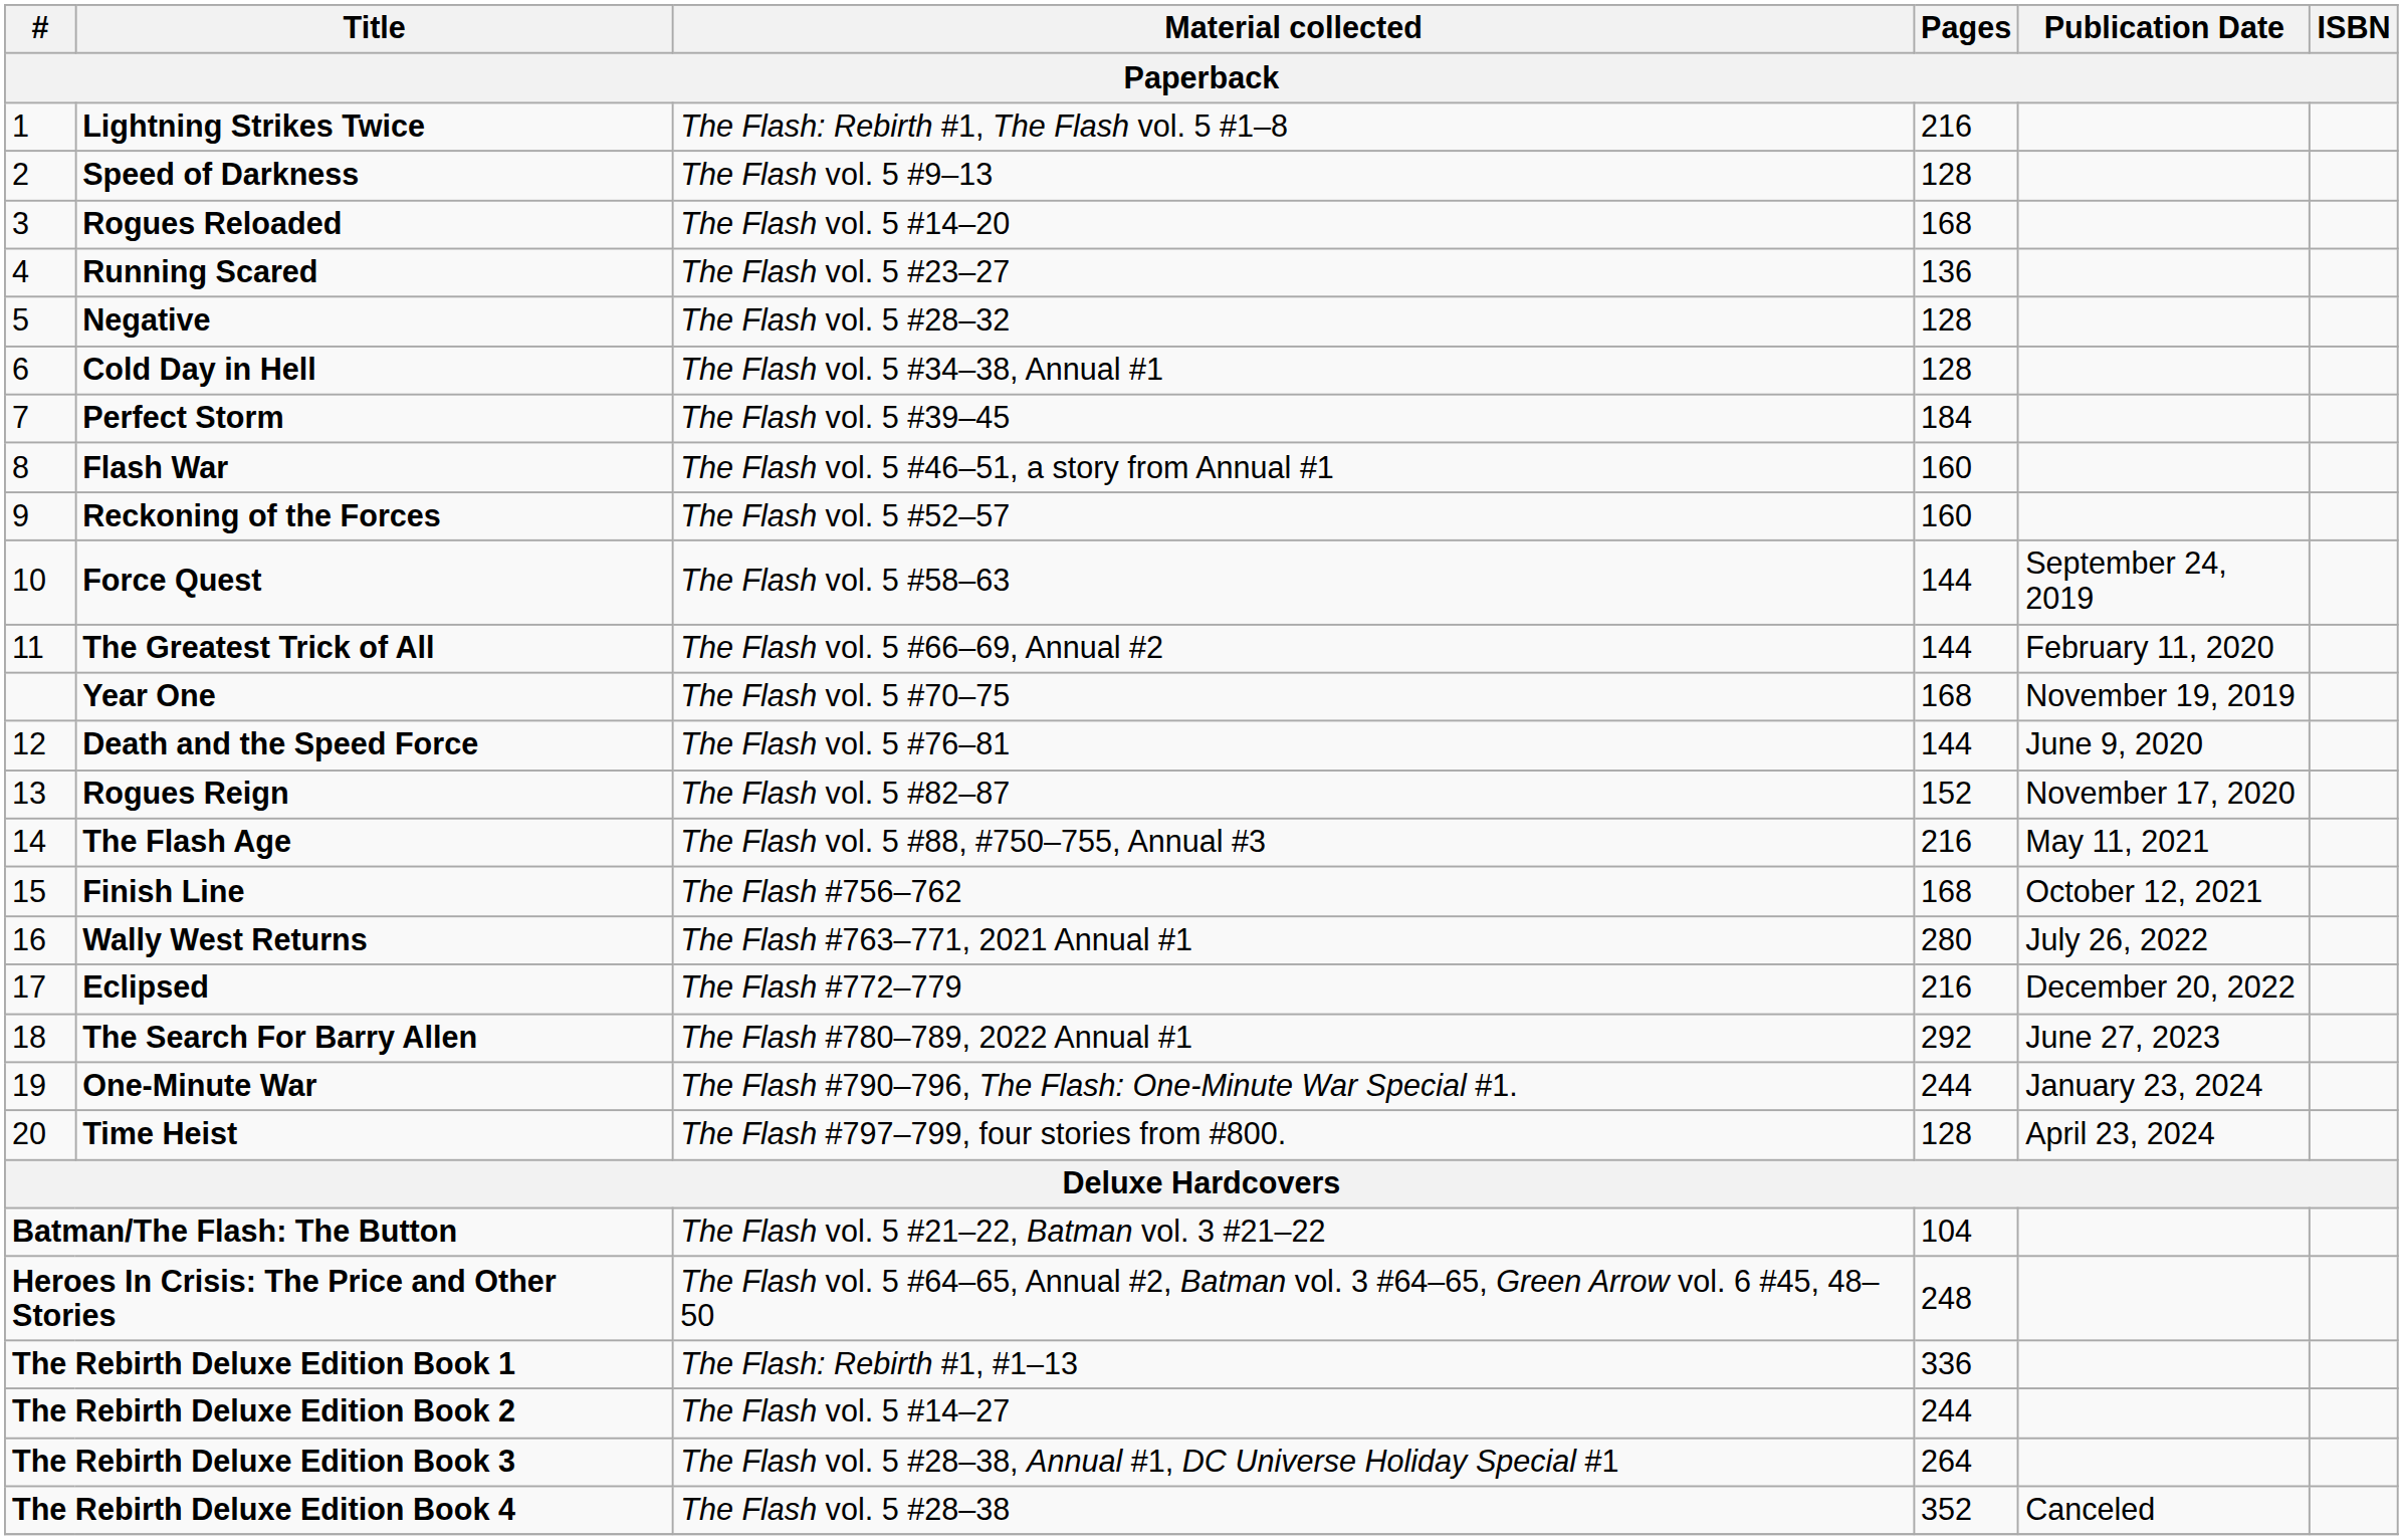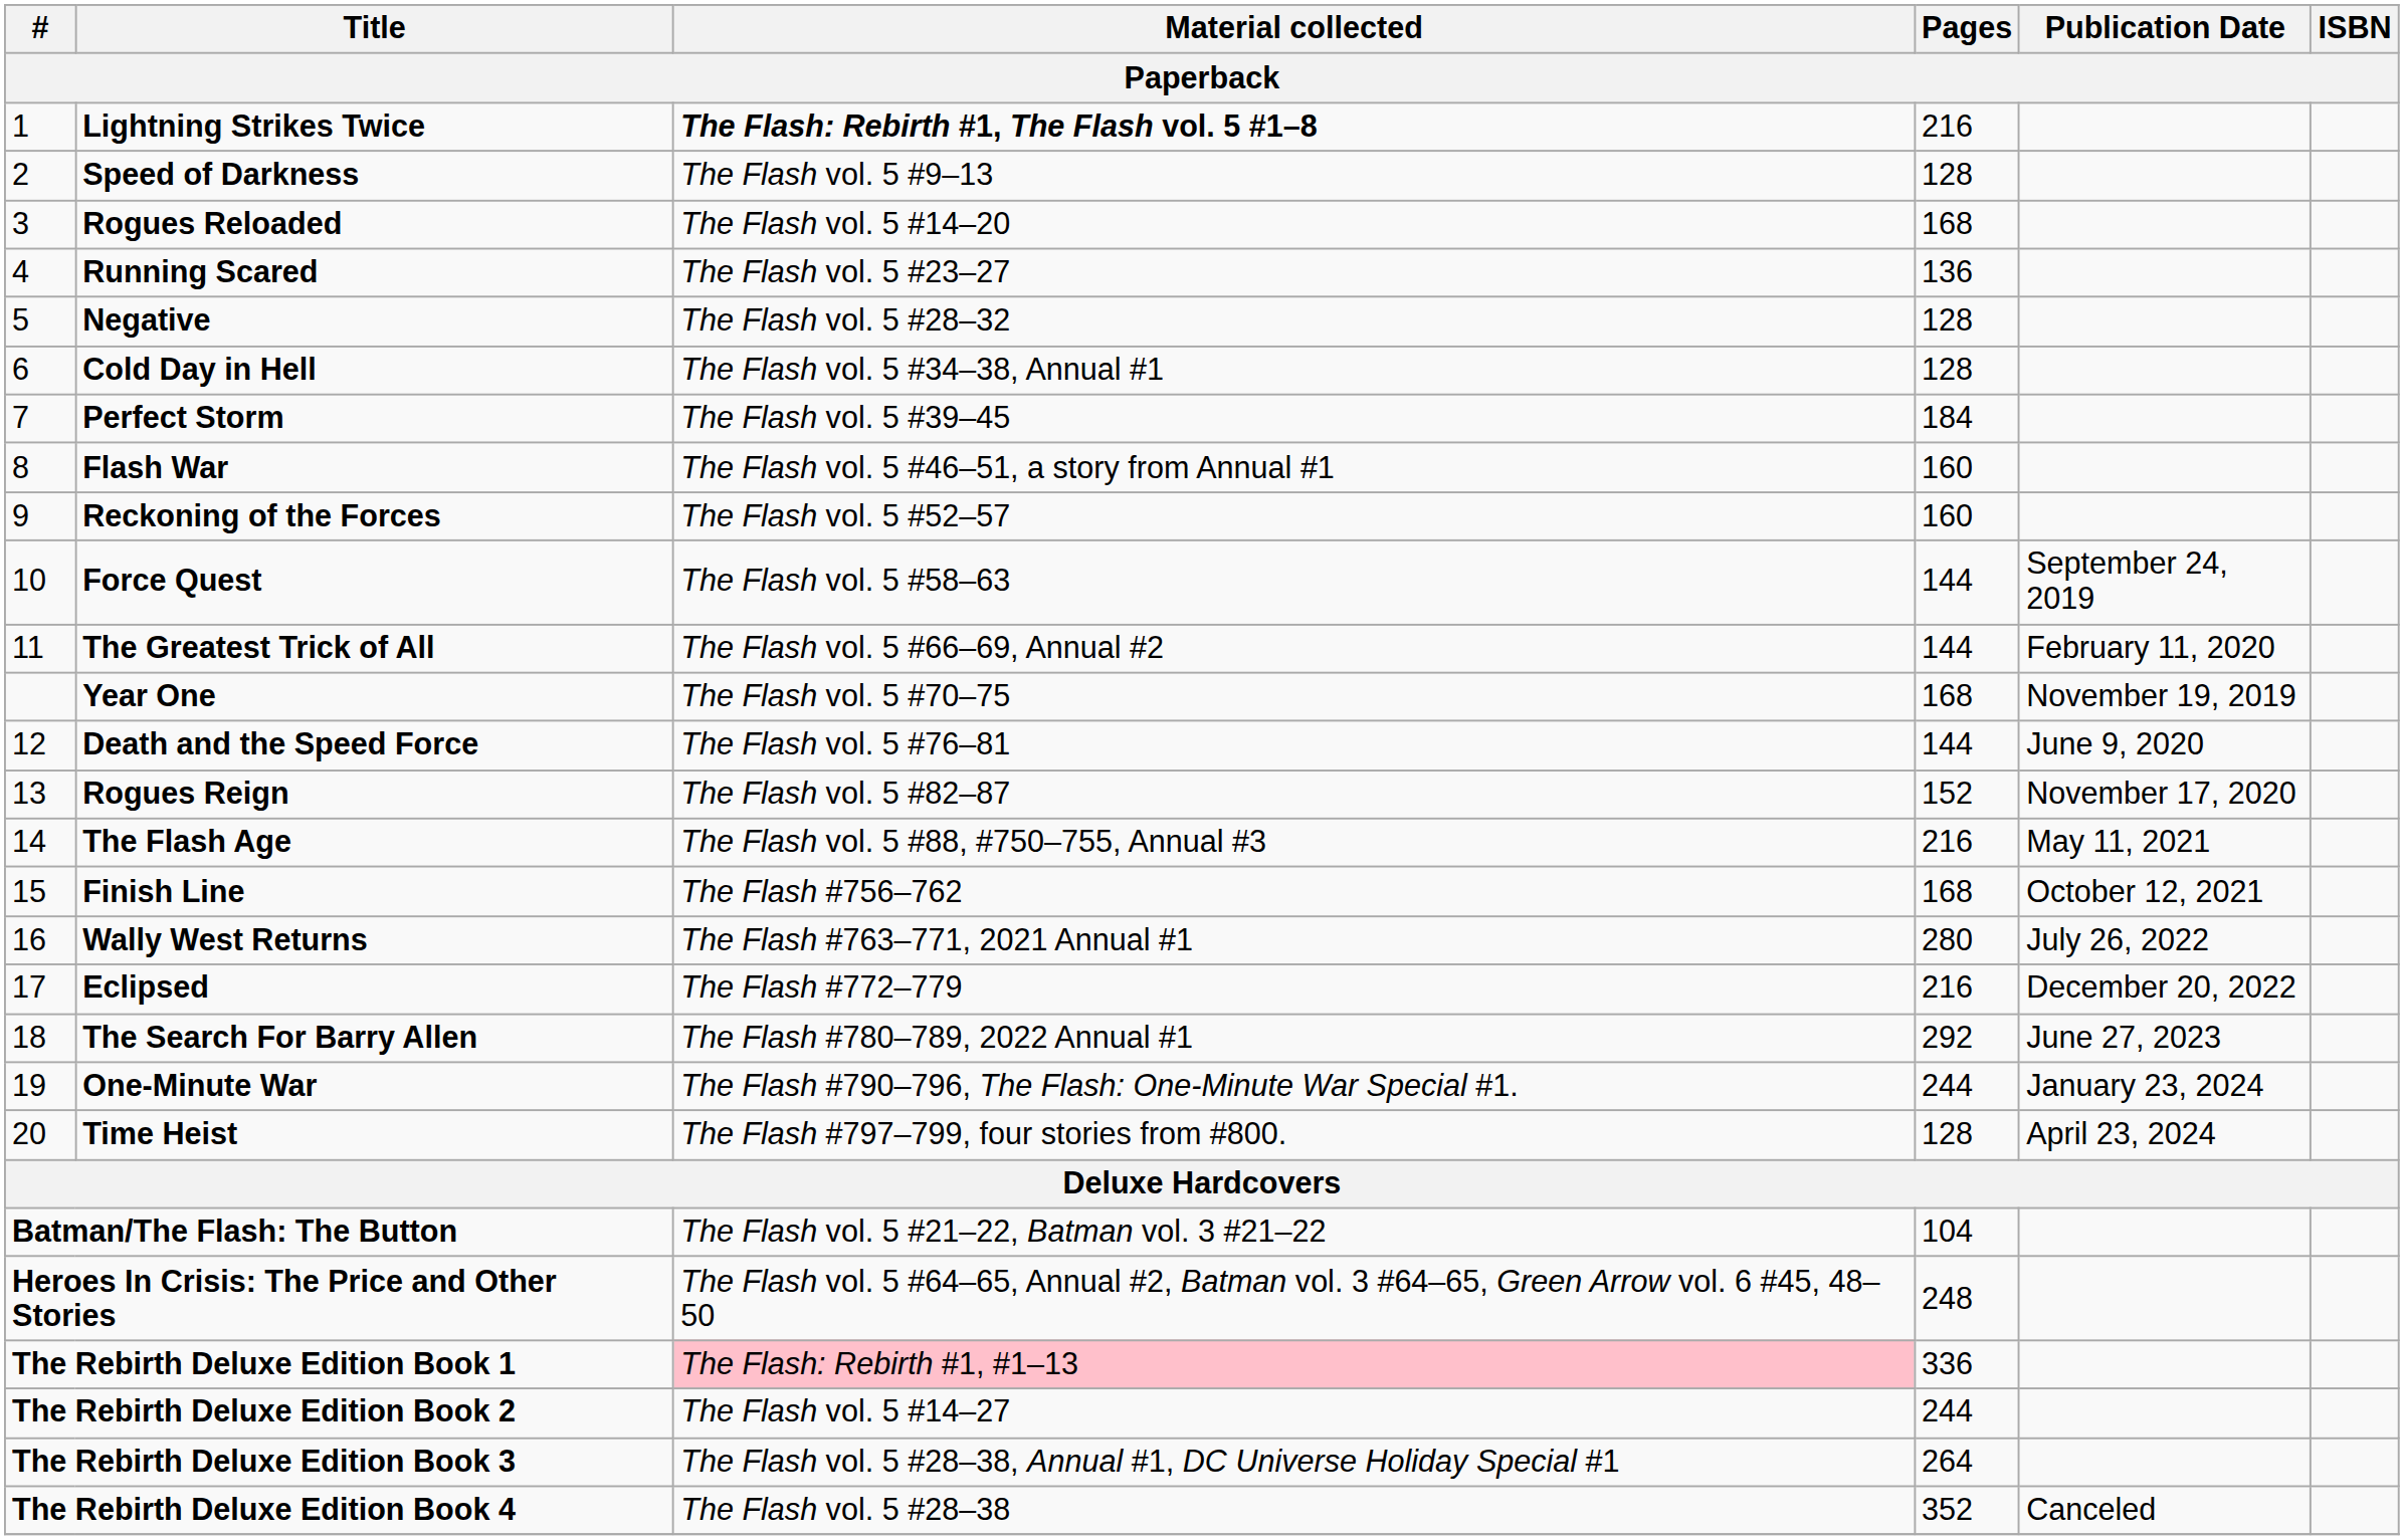 <table class="wikitable sortable">
 <tr>
 <th class="unsortable">#</th>
 <th>Title</th>
 <th>Material collected</th>
 <th class="unsortable">Pages</th>
 <th>Publication Date</th>
 <th class="unsortable">ISBN</th>
 </tr>
 <tr>
 <th colspan="6">Paperback</th>
 </tr>
 <tr>
 <td>1</td>
 <td><strong>Lightning Strikes Twice</strong></td>
-<td><em>The Flash: Rebirth</em> #1, <em>The Flash</em> vol. 5 #1–8</td>
+<td><strong><em>The Flash: Rebirth</em> #1, <em>The Flash</em> vol. 5 #1–8</strong></td>
 <td>216</td>
 <td></td>
 <td align="right"></td>
 </tr>
 <tr>
 <td>2</td>
 <td><strong>Speed of Darkness</strong></td>
 <td><em>The Flash</em> vol. 5 #9–13</td>
 <td>128</td>
 <td></td>
 <td align="right"></td>
 </tr>
 <tr>
 <td>3</td>
 <td><strong>Rogues Reloaded</strong></td>
 <td><em>The Flash</em> vol. 5 #14–20</td>
 <td>168</td>
 <td></td>
 <td align="right"></td>
 </tr>
 <tr>
 <td>4</td>
 <td><strong>Running Scared</strong></td>
 <td><em>The Flash</em> vol. 5 #23–27</td>
 <td>136</td>
 <td></td>
 <td align="right"></td>
 </tr>
 <tr>
 <td>5</td>
 <td><strong>Negative</strong></td>
 <td><em>The Flash</em> vol. 5 #28–32</td>
 <td>128</td>
 <td></td>
 <td align="right"></td>
 </tr>
 <tr>
 <td>6</td>
 <td><strong>Cold Day in Hell</strong></td>
 <td><em>The Flash</em> vol. 5 #34–38, Annual #1</td>
 <td>128</td>
 <td></td>
 <td align="right"></td>
 </tr>
 <tr>
 <td>7</td>
 <td><strong>Perfect Storm</strong></td>
 <td><em>The Flash</em> vol. 5 #39–45</td>
 <td>184</td>
 <td></td>
 <td align="right"></td>
 </tr>
 <tr>
 <td>8</td>
 <td><strong>Flash War</strong></td>
 <td><em>The Flash</em> vol. 5 #46–51, a story from Annual #1</td>
 <td>160</td>
 <td></td>
 <td align="right"></td>
 </tr>
 <tr>
 <td>9</td>
 <td><strong>Reckoning of the Forces</strong></td>
 <td><em>The Flash</em> vol. 5 #52–57</td>
 <td>160</td>
 <td></td>
 <td align="right"></td>
 </tr>
 <tr>
 <td>10</td>
 <td><strong>Force Quest</strong></td>
 <td><em>The Flash</em> vol. 5 #58–63</td>
 <td>144</td>
 <td>September 24, 2019</td>
 <td align="right"></td>
 </tr>
 <tr>
 <td>11</td>
 <td><strong>The Greatest Trick of All</strong></td>
 <td><em>The Flash</em> vol. 5 #66–69, Annual #2</td>
 <td>144</td>
 <td>February 11, 2020</td>
 <td align="right"></td>
 </tr>
 <tr>
 <td></td>
 <td><strong>Year One</strong></td>
 <td><em>The Flash</em> vol. 5 #70–75</td>
 <td>168</td>
 <td>November 19, 2019</td>
 <td align="right"></td>
 </tr>
 <tr>
 <td>12</td>
 <td><strong>Death and the Speed Force</strong></td>
 <td><em>The Flash</em> vol. 5 #76–81</td>
 <td>144</td>
 <td>June 9, 2020</td>
 <td align="right"></td>
 </tr>
 <tr>
 <td>13</td>
 <td><strong>Rogues Reign</strong></td>
 <td><em>The Flash</em> vol. 5 #82–87</td>
 <td>152</td>
 <td>November 17, 2020</td>
 <td align="right"></td>
 </tr>
 <tr>
 <td>14</td>
 <td><strong>The Flash Age</strong></td>
 <td><em>The Flash</em> vol. 5 #88, #750–755, Annual #3</td>
 <td>216</td>
 <td>May 11, 2021</td>
 <td align="right"></td>
 </tr>
 <tr>
 <td>15</td>
 <td><strong>Finish Line</strong></td>
 <td><em>The Flash</em> #756–762</td>
 <td>168</td>
 <td>October 12, 2021</td>
 <td align="right"></td>
 </tr>
 <tr>
 <td>16</td>
 <td><strong>Wally West Returns</strong></td>
 <td><em>The Flash</em> #763–771, 2021 Annual #1</td>
 <td>280</td>
 <td>July 26, 2022</td>
 <td align="right"></td>
 </tr>
 <tr>
 <td>17</td>
 <td><strong>Eclipsed</strong></td>
 <td><em>The Flash</em> #772–779</td>
 <td>216</td>
 <td>December 20, 2022</td>
 <td align="right"></td>
 </tr>
 <tr>
 <td>18</td>
 <td><strong>The Search For Barry Allen</strong></td>
 <td><em>The Flash</em> #780–789, 2022 Annual #1</td>
 <td>292</td>
 <td>June 27, 2023</td>
 <td align="right"></td>
 </tr>
 <tr>
 <td>19</td>
 <td><strong>One-Minute War</strong></td>
 <td><em>The Flash</em> #790–796, <em>The Flash: One-Minute War Special</em> #1.</td>
 <td>244</td>
 <td>January 23, 2024</td>
 <td></td>
 </tr>
 <tr>
 <td>20</td>
 <td><strong>Time Heist</strong></td>
 <td><em>The Flash</em> #797–799, four stories from #800.</td>
 <td>128</td>
 <td>April 23, 2024</td>
 <td></td>
 </tr>
 <tr>
 <th colspan="6">Deluxe Hardcovers</th>
 </tr>
 <tr>
 <td colspan="2"><strong>Batman/The Flash: The Button</strong></td>
 <td><em>The Flash</em> vol. 5 #21–22, <em>Batman</em> vol. 3 #21–22</td>
 <td>104</td>
 <td></td>
 <td align="right"></td>
 </tr>
 <tr>
 <td colspan="2"><strong>Heroes In Crisis: The Price and Other Stories</strong></td>
 <td><em>The Flash</em> vol. 5 #64–65, Annual #2, <em>Batman</em> vol. 3 #64–65, <em>Green Arrow</em> vol. 6 #45, 48–50</td>
 <td>248</td>
 <td></td>
 <td align="right"></td>
 </tr>
 <tr>
 <td colspan="2"><strong>The Rebirth Deluxe Edition Book 1</strong></td>
-<td><em>The Flash: Rebirth</em> #1, #1–13</td>
+<td style="background: pink;"><em>The Flash: Rebirth</em> #1, #1–13</td>
 <td>336</td>
 <td></td>
 <td align="right"></td>
 </tr>
 <tr>
 <td colspan="2"><strong>The Rebirth Deluxe Edition Book 2</strong></td>
 <td><em>The Flash</em> vol. 5 #14–27</td>
 <td>244</td>
 <td></td>
 <td align="right"></td>
 </tr>
 <tr>
 <td colspan="2"><strong>The Rebirth Deluxe Edition Book 3</strong></td>
 <td><em>The Flash</em> vol. 5 #28–38, <em>Annual</em> #1, <em>DC Universe Holiday Special</em> #1</td>
 <td>264</td>
 <td></td>
 <td align="right"></td>
 </tr>
 <tr>
 <td colspan="2"><strong>The Rebirth Deluxe Edition Book 4</strong></td>
 <td><em>The Flash</em> vol. 5 #28–38</td>
 <td>352</td>
 <td>Canceled</td>
 <td align="right"></td>
 </tr>
 <tr>
 </tr>
 </table>
